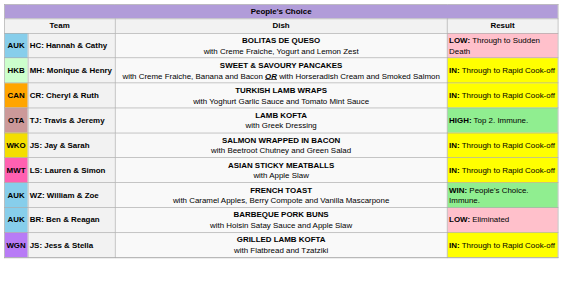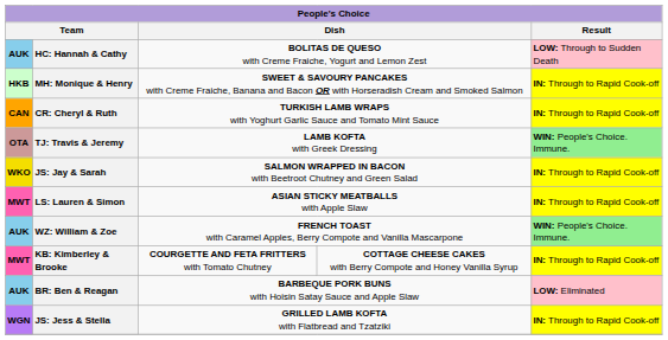 <table class="wikitable" style="text-align: center; font-size: 9pt; line-height:16px; width:95%">
 <tr>
 <th colspan="5" style="background:#b19cd9; ">People's Choice</th>
 </tr>
 <tr>
 <th style="width:20%;" colspan="2">Team</th>
 <th style="width:60%;" colspan="2">Dish</th>
 <th style="width:20%;">Result</th>
 </tr>
 <tr>
 <td scope="row" align="center" style="background-color:skyblue;"><strong>AUK</strong></td>
 <th scope="row" style="text-align:left;">HC: Hannah & Cathy</th>
 <td colspan="2" style="text-align:center;"><strong>BOLITAS DE QUESO</strong><br>with Creme Fraiche, Yogurt and Lemon Zest</td>
 <td scope="row" style="text-align:left;" bgcolor="pink"><strong>LOW:</strong> Through to Sudden Death</td>
 </tr>
 <tr>
 <td scope="row" align="center" style="background:#CCFFCC;"><strong>HKB</strong></td>
 <th scope="row" style="text-align:left;">MH: Monique & Henry</th>
 <td colspan="2" style="text-align:center;"><strong>SWEET & SAVOURY PANCAKES</strong> <br>with Creme Fraiche, Banana and Bacon <strong><em><u>OR</u></em></strong> with Horseradish Cream and Smoked Salmon</td>
 <td scope="row" style="text-align:left;" bgcolor="yellow"><strong>IN:</strong> Through to Rapid Cook-off</td>
 </tr>
 <tr>
 <td scope="row" align="center" style="background:orange;"><strong>CAN</strong></td>
 <th scope="row" style="text-align:left;">CR: Cheryl & Ruth</th>
 <td colspan="2" style="text-align:center;"><strong>TURKISH LAMB WRAPS</strong> <br>with Yoghurt Garlic Sauce and Tomato Mint Sauce</td>
 <td scope="row" style="text-align:left;" bgcolor="yellow"><strong>IN:</strong> Through to Rapid Cook-off</td>
 </tr>
 <tr>
 <td scope="row" align="center" style="background-color:#CC9999;"><strong>OTA</strong></td>
 <th scope="row" style="text-align:left;">TJ: Travis & Jeremy</th>
 <td colspan="2" style="text-align:center;"><strong>LAMB KOFTA</strong> <br>with Greek Dressing</td>
-<td scope="row" style="text-align:left;" bgcolor="lightgreen"><strong>HIGH:</strong> Top 2. Immune.</td>
+<td scope="row" style="text-align:left;" bgcolor="lightgreen"><strong>WIN:</strong> People's Choice. Immune.</td>
 </tr>
 <tr>
 <td scope="row" align="center" style='background:#F4DE00;'><strong>WKO</strong></td>
 <th scope="row" style="text-align:left;">JS: Jay & Sarah</th>
 <td colspan="2" style="text-align:center;"><strong>SALMON WRAPPED IN BACON</strong><br>with Beetroot Chutney and Green Salad</td>
 <td scope="row" style="text-align:left;" bgcolor="yellow"><strong>IN:</strong> Through to Rapid Cook-off</td>
 </tr>
 <tr>
 <td scope="row" align="center" style="background:#FF61B1;"><strong>MWT</strong></td>
 <th scope="row" style="text-align:left;">LS: Lauren & Simon</th>
 <td colspan="2" style="text-align:center;"><strong>ASIAN STICKY MEATBALLS</strong> <br>with Apple Slaw</td>
 <td scope="row" style="text-align:left;" bgcolor="yellow"><strong>IN:</strong> Through to Rapid Cook-off</td>
 </tr>
 <tr>
 <td scope="row" align="center" style="background-color:skyblue;"><strong>AUK</strong></td>
 <th scope="row" style="text-align:left;">WZ: William & Zoe</th>
 <td colspan="2" style="text-align:center;"><strong>FRENCH TOAST</strong> <br>with Caramel Apples, Berry Compote and Vanilla Mascarpone</td>
 <td scope="row" style="text-align:left;" bgcolor="lightgreen"><strong>WIN:</strong> People's Choice. Immune.</td>
 </tr>
 <tr>
+<td scope="row" align="center" style="background:#FF61B1;"><strong>MWT</strong></td>
+<th scope="row" style="text-align:left;">KB: Kimberley & Brooke</th>
+<td style="text-align:center;"><strong>COURGETTE AND FETA FRITTERS</strong> <br>with Tomato Chutney</td>
+<td><strong>COTTAGE CHEESE CAKES</strong><br> with Berry Compote and Honey Vanilla Syrup</td>
+<td scope="row" style="text-align:left;" bgcolor="yellow"><strong>IN:</strong> Through to Rapid Cook-off</td>
+</tr>
+<tr>
 <td scope="row" align="center" style="background-color:skyblue;"><strong>AUK</strong></td>
 <th scope="row" style="text-align:left;">BR: Ben & Reagan</th>
 <td colspan="2" style="text-align:center;"><strong>BARBEQUE PORK BUNS</strong><br>with Hoisin Satay Sauce and Apple Slaw</td>
 <td scope="row" style="text-align:left;" bgcolor="pink"><strong>LOW:</strong> Eliminated </td>
 </tr>
 <tr>
 <td scope="row" align="center" style='background:#B87BF6;'><strong>WGN</strong></td>
 <th scope="row" style="text-align:left;">JS: Jess & Stella</th>
 <td colspan="2" style="text-align:center;"><strong>GRILLED LAMB KOFTA</strong><br>with Flatbread and Tzatziki</td>
 <td scope="row" style="text-align:left;" bgcolor="yellow"><strong>IN:</strong> Through to Rapid Cook-off</td>
 </tr>
 <tr>
 </tr>
 </table>
